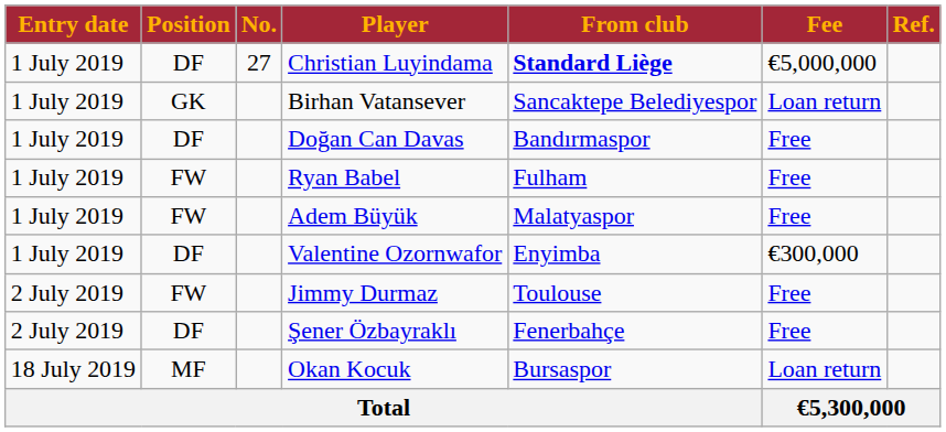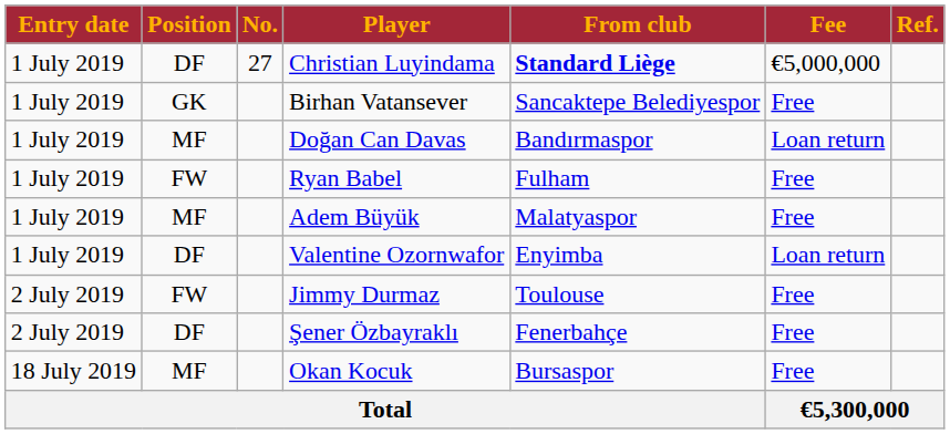 <table class="wikitable sortable">
 <tr>
 <th style="background:#a32638; color:#ffb300; ">Entry date</th>
 <th style="background:#a32638; color:#ffb300; ">Position</th>
 <th style="background:#a32638; color:#ffb300; ">No.</th>
 <th style="background:#a32638; color:#ffb300; ">Player</th>
 <th style="background:#a32638; color:#ffb300; ">From club</th>
 <th style="background:#a32638; color:#ffb300; ">Fee</th>
 <th style="background:#a32638; color:#ffb300; ">Ref.</th>
 </tr>
 <tr>
 <td>1 July 2019</td>
 <td style="text-align:center;">DF</td>
 <td style="text-align:center;">27</td>
 <td style="text-align:left;"> <a href='#'>Christian Luyindama</a></td>
 <td style="text-align:left;"><strong> <a href='#'>Standard Liège</a></strong></td>
 <td>€5,000,000</td>
 <td></td>
 </tr>
 <tr>
 <td>1 July 2019</td>
 <td style="text-align:center;">GK</td>
 <td style="text-align:center;"></td>
 <td style="text-align:left;"> Birhan Vatansever</td>
 <td style="text-align:left;"> <a href='#'>Sancaktepe Belediyespor</a></td>
-<td><a href='#'>Loan return</a></td>
+<td><a href='#'>Free</a></td>
 <td></td>
 </tr>
 <tr>
 <td>1 July 2019</td>
-<td style="text-align:center;">DF</td>
+<td style="text-align:center;">MF</td>
 <td style="text-align:center;"></td>
 <td style="text-align:left;"> <a href='#'>Doğan Can Davas</a></td>
 <td style="text-align:left;"> <a href='#'>Bandırmaspor</a></td>
-<td><a href='#'>Free</a></td>
+<td><a href='#'>Loan return</a></td>
 <td></td>
 </tr>
 <tr>
 <td>1 July 2019</td>
 <td style="text-align:center;">FW</td>
 <td style="text-align:center;"></td>
 <td style="text-align:left;"> <a href='#'>Ryan Babel</a></td>
 <td style="text-align:left;"> <a href='#'>Fulham</a></td>
 <td><a href='#'>Free</a></td>
 <td></td>
 </tr>
 <tr>
 <td>1 July 2019</td>
-<td style="text-align:center;">FW</td>
+<td style="text-align:center;">MF</td>
 <td style="text-align:center;"></td>
 <td style="text-align:left;"> <a href='#'>Adem Büyük</a></td>
 <td style="text-align:left;"> <a href='#'>Malatyaspor</a></td>
 <td><a href='#'>Free</a></td>
 <td></td>
 </tr>
 <tr>
 <td>1 July 2019</td>
 <td style="text-align:center;">DF</td>
 <td style="text-align:center;"></td>
 <td style="text-align:left;"> <a href='#'>Valentine Ozornwafor</a></td>
 <td style="text-align:left;"> <a href='#'>Enyimba</a></td>
-<td>€300,000</td>
+<td><a href='#'>Loan return</a></td>
 <td></td>
 </tr>
 <tr>
 <td>2 July 2019</td>
 <td style="text-align:center;">FW</td>
 <td style="text-align:center;"></td>
 <td style="text-align:left;"> <a href='#'>Jimmy Durmaz</a></td>
 <td style="text-align:left;"> <a href='#'>Toulouse</a></td>
 <td><a href='#'>Free</a></td>
 <td></td>
 </tr>
 <tr>
 <td>2 July 2019</td>
 <td style="text-align:center;">DF</td>
 <td style="text-align:center;"></td>
 <td style="text-align:left;"> <a href='#'>Şener Özbayraklı</a></td>
 <td style="text-align:left;"> <a href='#'>Fenerbahçe</a></td>
 <td><a href='#'>Free</a></td>
 <td></td>
 </tr>
 <tr>
 <td>18 July 2019</td>
 <td style="text-align:center;">MF</td>
 <td style="text-align:center;"></td>
 <td style="text-align:left;"> <a href='#'>Okan Kocuk</a></td>
 <td style="text-align:left;"> <a href='#'>Bursaspor</a></td>
-<td><a href='#'>Loan return</a></td>
+<td><a href='#'>Free</a></td>
 <td></td>
 </tr>
 <tr>
 <th colspan="5">Total</th>
 <th colspan="2"> €5,300,000</th>
 </tr>
 </table>
